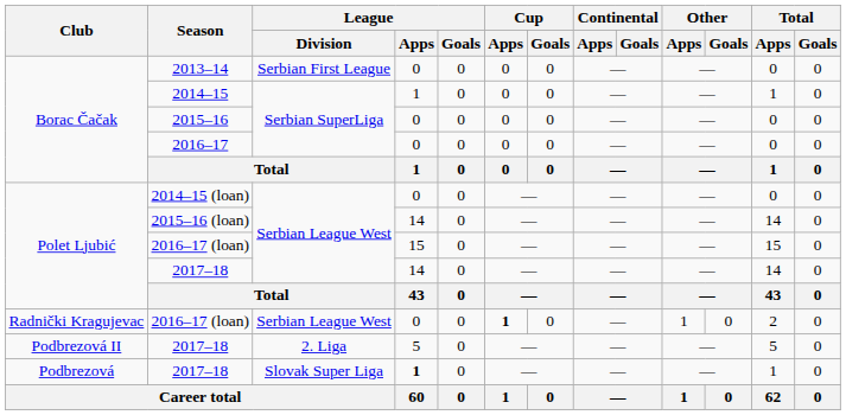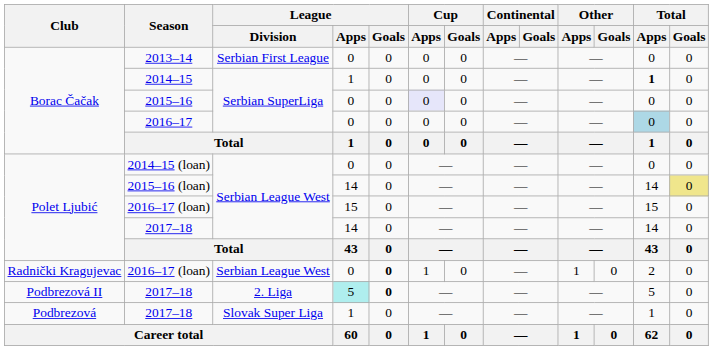 <table class="wikitable" style="text-align:center">
 <tr>
 <th rowspan="2">Club</th>
 <th rowspan="2">Season</th>
 <th colspan="3">League</th>
 <th colspan="2">Cup</th>
 <th colspan="2">Continental</th>
 <th colspan="2">Other</th>
 <th colspan="2">Total</th>
 </tr>
 <tr>
 <th>Division</th>
 <th>Apps</th>
 <th>Goals</th>
 <th>Apps</th>
 <th>Goals</th>
 <th>Apps</th>
 <th>Goals</th>
 <th>Apps</th>
 <th>Goals</th>
 <th>Apps</th>
 <th>Goals</th>
 </tr>
 <tr>
 <td rowspan="5"><a href='#'>Borac Čačak</a></td>
 <td><a href='#'>2013–14</a></td>
 <td><a href='#'>Serbian First League</a></td>
 <td>0</td>
 <td>0</td>
 <td>0</td>
 <td>0</td>
 <td colspan="2">—</td>
 <td colspan="2">—</td>
 <td>0</td>
 <td>0</td>
 </tr>
 <tr>
 <td><a href='#'>2014–15</a></td>
 <td rowspan=3><a href='#'>Serbian SuperLiga</a></td>
 <td>1</td>
 <td>0</td>
 <td>0</td>
 <td>0</td>
 <td colspan="2">—</td>
 <td colspan="2">—</td>
-<td>1</td>
+<td><strong>1</strong></td>
 <td>0</td>
 </tr>
 <tr>
 <td><a href='#'>2015–16</a></td>
 <td>0</td>
 <td>0</td>
-<td>0</td>
+<td style="background: lavender;">0</td>
 <td>0</td>
 <td colspan="2">—</td>
 <td colspan="2">—</td>
 <td>0</td>
 <td>0</td>
 </tr>
 <tr>
 <td><a href='#'>2016–17</a></td>
 <td>0</td>
 <td>0</td>
 <td>0</td>
 <td>0</td>
 <td colspan="2">—</td>
 <td colspan="2">—</td>
-<td>0</td>
+<td style="background: lightblue;">0</td>
 <td>0</td>
 </tr>
 <tr>
 <th colspan="2">Total</th>
 <th>1</th>
 <th>0</th>
 <th>0</th>
 <th>0</th>
 <th colspan="2">—</th>
 <th colspan="2">—</th>
 <th>1</th>
 <th>0</th>
 </tr>
 <tr>
 <td rowspan="5"><a href='#'>Polet Ljubić</a></td>
 <td><a href='#'>2014–15</a> (loan)</td>
 <td rowspan=4><a href='#'>Serbian League West</a></td>
 <td>0</td>
 <td>0</td>
 <td colspan="2">—</td>
 <td colspan="2">—</td>
 <td colspan="2">—</td>
 <td>0</td>
 <td>0</td>
 </tr>
 <tr>
 <td><a href='#'>2015–16</a> (loan)</td>
 <td>14</td>
 <td>0</td>
 <td colspan="2">—</td>
 <td colspan="2">—</td>
 <td colspan="2">—</td>
 <td>14</td>
-<td>0</td>
+<td style="background: khaki;">0</td>
 </tr>
 <tr>
 <td><a href='#'>2016–17</a> (loan)</td>
 <td>15</td>
 <td>0</td>
 <td colspan="2">—</td>
 <td colspan="2">—</td>
 <td colspan="2">—</td>
 <td>15</td>
 <td>0</td>
 </tr>
 <tr>
 <td><a href='#'>2017–18</a></td>
 <td>14</td>
 <td>0</td>
 <td colspan="2">—</td>
 <td colspan="2">—</td>
 <td colspan="2">—</td>
 <td>14</td>
 <td>0</td>
 </tr>
 <tr>
 <th colspan="2">Total</th>
 <th>43</th>
 <th>0</th>
 <th colspan="2">—</th>
 <th colspan="2">—</th>
 <th colspan="2">—</th>
 <th>43</th>
 <th>0</th>
 </tr>
 <tr>
 <td><a href='#'>Radnički Kragujevac</a></td>
 <td><a href='#'>2016–17</a> (loan)</td>
 <td><a href='#'>Serbian League West</a></td>
 <td>0</td>
-<td>0</td>
-<td><strong>1</strong></td>
+<td><strong>0</strong></td>
+<td>1</td>
 <td>0</td>
 <td colspan="2">—</td>
 <td>1</td>
 <td>0</td>
 <td>2</td>
 <td>0</td>
 </tr>
 <tr>
 <td><a href='#'>Podbrezová II</a></td>
 <td><a href='#'>2017–18</a></td>
 <td><a href='#'>2. Liga</a></td>
-<td>5</td>
-<td>0</td>
+<td style="background: paleturquoise;">5</td>
+<td><strong>0</strong></td>
 <td colspan="2">—</td>
 <td colspan="2">—</td>
 <td colspan="2">—</td>
 <td>5</td>
 <td>0</td>
 </tr>
 <tr>
 <td><a href='#'>Podbrezová</a></td>
 <td><a href='#'>2017–18</a></td>
 <td><a href='#'>Slovak Super Liga</a></td>
-<td><strong>1</strong></td>
+<td>1</td>
 <td>0</td>
 <td colspan="2">—</td>
 <td colspan="2">—</td>
 <td colspan="2">—</td>
 <td>1</td>
 <td>0</td>
 </tr>
 <tr>
 <th colspan="3">Career total</th>
 <th>60</th>
 <th>0</th>
 <th>1</th>
 <th>0</th>
 <th colspan="2">—</th>
 <th>1</th>
 <th>0</th>
 <th>62</th>
 <th>0</th>
 </tr>
 </table>
